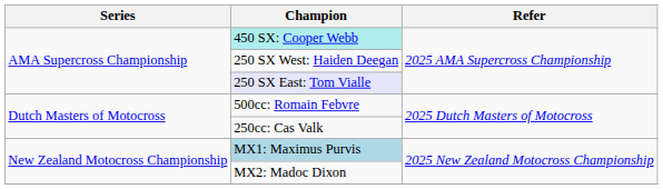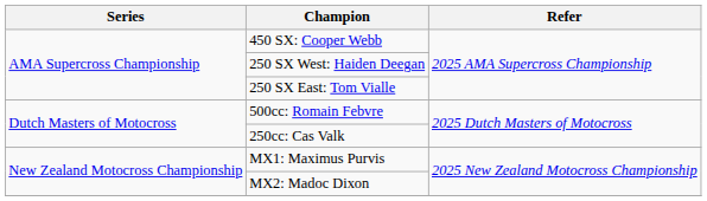 <table class="wikitable" style="font-size:87%;">
 <tr>
 <th>Series</th>
 <th>Champion</th>
 <th>Refer</th>
 </tr>
 <tr>
 <td rowspan=3><a href='#'>AMA Supercross Championship</a></td>
-<td style="background: paleturquoise;">450 SX:  <a href='#'>Cooper Webb</a></td>
+<td>450 SX:  <a href='#'>Cooper Webb</a></td>
 <td rowspan=3><em><a href='#'>2025 AMA Supercross Championship</a></em></td>
 </tr>
 <tr>
 <td>250 SX West:  <a href='#'>Haiden Deegan</a></td>
 </tr>
 <tr>
-<td style="background: lavender;">250 SX East:  <a href='#'>Tom Vialle</a></td>
+<td>250 SX East:  <a href='#'>Tom Vialle</a></td>
 </tr>
 <tr>
 <td rowspan=2><a href='#'>Dutch Masters of Motocross</a></td>
 <td>500cc:  <a href='#'>Romain Febvre</a></td>
 <td rowspan=2><em><a href='#'>2025 Dutch Masters of Motocross</a></em></td>
 </tr>
 <tr>
 <td>250cc:  Cas Valk</td>
 </tr>
 <tr>
 <td rowspan=2><a href='#'>New Zealand Motocross Championship</a></td>
-<td style="background: lightblue;">MX1:  Maximus Purvis</td>
+<td>MX1:  Maximus Purvis</td>
 <td rowspan=2><em><a href='#'>2025 New Zealand Motocross Championship</a></em></td>
 </tr>
 <tr>
 <td>MX2:  Madoc Dixon</td>
 </tr>
 <tr>
 </tr>
 </table>
